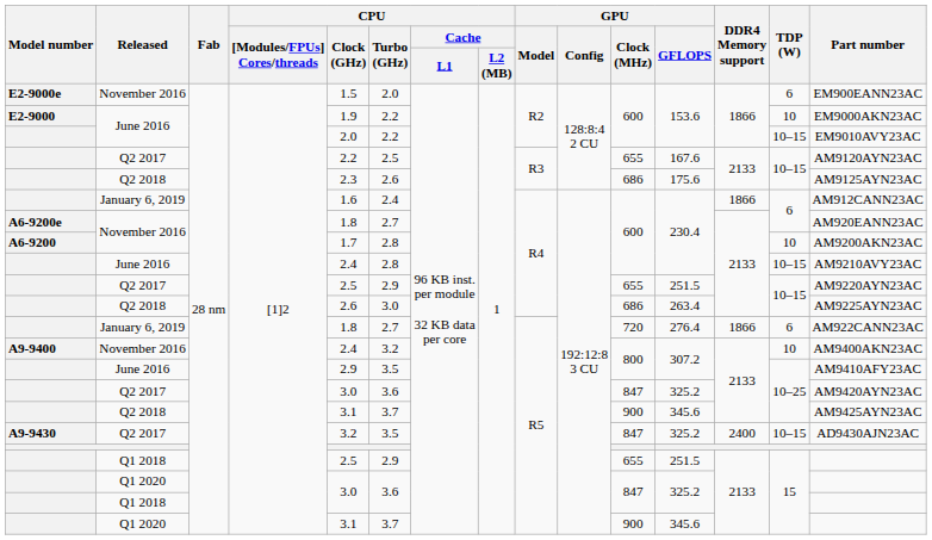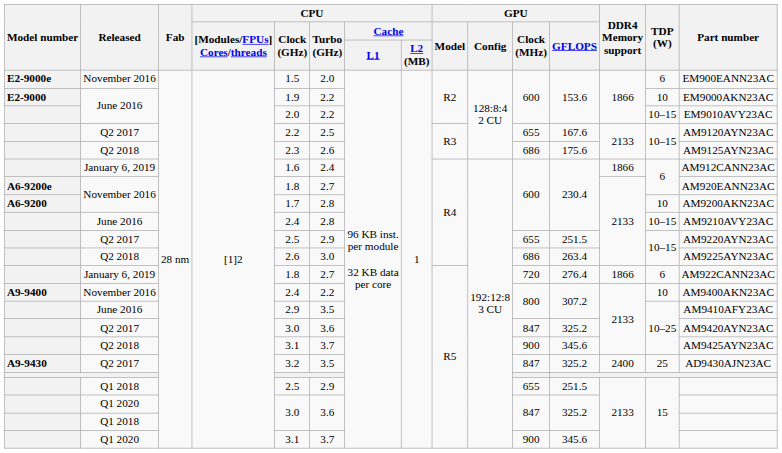 <table class="wikitable sortable sort-under" style="text-align:center;">
 <tr>
 <th style="text-align:left;" rowspan="3">Model number</th>
 <th rowspan=3>Released</th>
 <th rowspan=3>Fab</th>
 <th colspan="5">CPU</th>
 <th colspan=4>GPU</th>
 <th rowspan=3>DDR4<br>Memory<br>support</th>
 <th rowspan=3>TDP<br>(W)</th>
 <th rowspan=3>Part number</th>
 </tr>
 <tr>
 <th rowspan=2>[Modules/<a href='#'>FPUs</a>]<br><a href='#'>Cores</a>/<a href='#'>threads</a></th>
 <th rowspan=2>Clock<br>(GHz)</th>
 <th rowspan=2>Turbo<br>(GHz)</th>
 <th colspan="2"><a href='#'>Cache</a></th>
 <th rowspan=2>Model</th>
 <th rowspan=2>Config</th>
 <th rowspan=2>Clock<br>(MHz)</th>
 <th rowspan=2><a href='#'>GFLOPS</a></th>
 </tr>
 <tr>
 <th><a href='#'>L1</a></th>
 <th><a href='#'>L2</a><br>(MB)</th>
 </tr>
 <tr>
 <th style="text-align:left;">E2-9000e</th>
 <td>November 2016</td>
 <td rowspan=22>28 nm</td>
 <td rowspan=22>[1]2</td>
 <td>1.5</td>
 <td>2.0</td>
 <td rowspan=22>96 KB inst.<br>per module<br><br>32 KB data<br>per core</td>
 <td rowspan=22>1</td>
 <td rowspan=3>R2</td>
 <td rowspan=5>128:8:4<br>2 CU</td>
 <td rowspan=3>600</td>
 <td rowspan=3>153.6</td>
 <td rowspan=3>1866</td>
 <td>6</td>
 <td>EM900EANN23AC</td>
 </tr>
 <tr>
 <th style="text-align:left;">E2-9000</th>
 <td rowspan=2>June 2016</td>
 <td>1.9</td>
 <td>2.2</td>
 <td>10</td>
 <td>EM9000AKN23AC</td>
 </tr>
 <tr>
 <th style="text-align:left;"></th>
 <td>2.0</td>
 <td>2.2</td>
 <td>10–15</td>
 <td>EM9010AVY23AC</td>
 </tr>
 <tr>
 <th style="text-align:left;"></th>
 <td>Q2 2017</td>
 <td>2.2</td>
 <td>2.5</td>
 <td rowspan=2>R3</td>
 <td>655</td>
 <td>167.6</td>
 <td rowspan=2>2133</td>
 <td rowspan=2>10–15</td>
 <td>AM9120AYN23AC</td>
 </tr>
 <tr>
 <th style="text-align:left;"></th>
 <td>Q2 2018</td>
 <td>2.3</td>
 <td>2.6</td>
 <td>686</td>
 <td>175.6</td>
 <td>AM9125AYN23AC</td>
 </tr>
 <tr>
 <th style="text-align:left"></th>
 <td>January 6, 2019</td>
 <td>1.6</td>
 <td>2.4</td>
 <td rowspan=6>R4</td>
 <td rowspan=17>192:12:8<br>3 CU</td>
 <td rowspan=4>600</td>
 <td rowspan=4>230.4</td>
 <td>1866</td>
 <td rowspan=2>6</td>
 <td>AM912CANN23AC</td>
 </tr>
 <tr>
 <th style="text-align:left;">A6-9200e</th>
 <td rowspan=2>November 2016</td>
 <td>1.8</td>
 <td>2.7</td>
 <td rowspan=5>2133</td>
 <td>AM920EANN23AC</td>
 </tr>
 <tr>
 <th style="text-align:left;">A6-9200</th>
 <td>1.7</td>
 <td>2.8</td>
 <td>10</td>
 <td>AM9200AKN23AC</td>
 </tr>
 <tr>
 <th style="text-align:left;"></th>
 <td>June 2016</td>
 <td>2.4</td>
 <td>2.8</td>
 <td>10–15</td>
 <td>AM9210AVY23AC</td>
 </tr>
 <tr>
 <th style="text-align:left;"></th>
 <td>Q2 2017</td>
 <td>2.5</td>
 <td>2.9</td>
 <td>655</td>
 <td>251.5</td>
 <td rowspan=2>10–15</td>
 <td>AM9220AYN23AC</td>
 </tr>
 <tr>
 <th style="text-align:left;"></th>
 <td>Q2 2018</td>
 <td>2.6</td>
 <td>3.0</td>
 <td>686</td>
 <td>263.4</td>
 <td>AM9225AYN23AC</td>
 </tr>
 <tr>
 <th style="text-align:left"></th>
 <td>January 6, 2019</td>
 <td>1.8</td>
 <td>2.7</td>
 <td rowspan=11>R5</td>
 <td>720</td>
 <td>276.4</td>
 <td>1866</td>
 <td>6</td>
 <td>AM922CANN23AC</td>
 </tr>
 <tr>
 <th style="text-align:left;">A9-9400</th>
 <td>November 2016</td>
 <td>2.4</td>
-<td>3.2</td>
+<td>2.2</td>
 <td rowspan=2>800</td>
 <td rowspan=2>307.2</td>
 <td rowspan=4>2133</td>
 <td>10</td>
 <td>AM9400AKN23AC</td>
 </tr>
 <tr>
 <th style="text-align:left;"></th>
 <td>June 2016</td>
 <td>2.9</td>
 <td>3.5</td>
 <td rowspan=3>10–25</td>
 <td>AM9410AFY23AC</td>
 </tr>
 <tr>
 <th style="text-align:left;"></th>
 <td>Q2 2017</td>
 <td>3.0</td>
 <td>3.6</td>
 <td>847</td>
 <td>325.2</td>
 <td>AM9420AYN23AC</td>
 </tr>
 <tr>
 <th style="text-align:left;"></th>
 <td>Q2 2018</td>
 <td>3.1</td>
 <td>3.7</td>
 <td>900</td>
 <td>345.6</td>
 <td>AM9425AYN23AC</td>
 </tr>
 <tr>
 <th style="text-align:left;">A9-9430</th>
 <td>Q2 2017</td>
 <td>3.2</td>
 <td>3.5</td>
 <td>847</td>
 <td>325.2</td>
 <td>2400</td>
-<td>10–15</td>
+<td>25</td>
 <td>AD9430AJN23AC</td>
 </tr>
 <tr>
 <th colspan="2"></th>
 <th colspan="2"></th>
 <th></th>
 <th colspan="4"></th>
 </tr>
 <tr>
 <th style="text-align:left;"></th>
 <td>Q1 2018</td>
 <td>2.5</td>
 <td>2.9</td>
 <td>655</td>
 <td>251.5</td>
 <td rowspan=4>2133</td>
 <td rowspan=4>15</td>
 <td></td>
 </tr>
 <tr>
 <th style="text-align:left;"></th>
 <td>Q1 2020</td>
 <td rowspan=2>3.0</td>
 <td rowspan=2>3.6</td>
 <td rowspan=2>847</td>
 <td rowspan=2>325.2</td>
 <td></td>
 </tr>
 <tr>
 <th style="text-align:left;"></th>
 <td>Q1 2018</td>
 <td></td>
 </tr>
 <tr>
 <th style="text-align:left;"></th>
 <td>Q1 2020</td>
 <td>3.1</td>
 <td>3.7</td>
 <td>900</td>
 <td>345.6</td>
 <td></td>
 </tr>
 </table>
